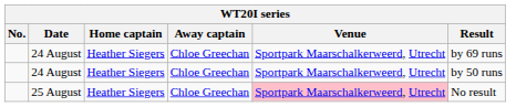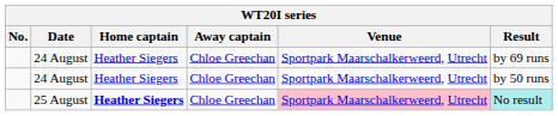 <table class="wikitable">
 <tr>
 <th colspan="9">WT20I series</th>
 </tr>
 <tr>
 <th>No.</th>
 <th>Date</th>
 <th>Home captain</th>
 <th>Away captain</th>
 <th>Venue</th>
 <th>Result</th>
 </tr>
 <tr>
 <td></td>
 <td>24 August</td>
 <td><a href='#'>Heather Siegers</a></td>
 <td><a href='#'>Chloe Greechan</a></td>
 <td><a href='#'>Sportpark Maarschalkerweerd</a>, <a href='#'>Utrecht</a></td>
 <td> by 69 runs</td>
 </tr>
 <tr>
 <td></td>
 <td>24 August</td>
 <td><a href='#'>Heather Siegers</a></td>
 <td><a href='#'>Chloe Greechan</a></td>
 <td><a href='#'>Sportpark Maarschalkerweerd</a>, <a href='#'>Utrecht</a></td>
 <td> by 50 runs</td>
 </tr>
 <tr>
 <td></td>
 <td>25 August</td>
-<td><a href='#'>Heather Siegers</a></td>
+<td><strong><a href='#'>Heather Siegers</a></strong></td>
 <td><a href='#'>Chloe Greechan</a></td>
 <td style="background: pink;"><a href='#'>Sportpark Maarschalkerweerd</a>, <a href='#'>Utrecht</a></td>
-<td>No result</td>
+<td style="background: paleturquoise;">No result</td>
 </tr>
 </table>
